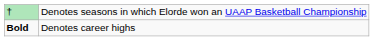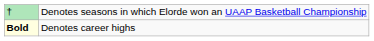 <table class="wikitable">
 <tr>
 <td style="background:#afe6ba; width:3em;">†</td>
 <td>Denotes seasons in which Elorde won an <a href='#'>UAAP Basketball Championship</a></td>
 </tr>
 <tr>
-<td><strong>Bold</strong></td>
+<td style="background: lightyellow;"><strong>Bold</strong></td>
 <td>Denotes career highs</td>
 </tr>
 </table>
